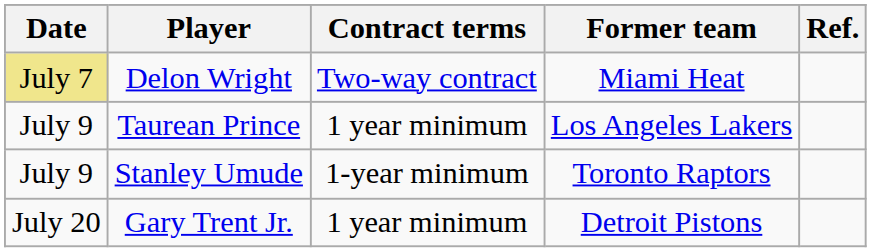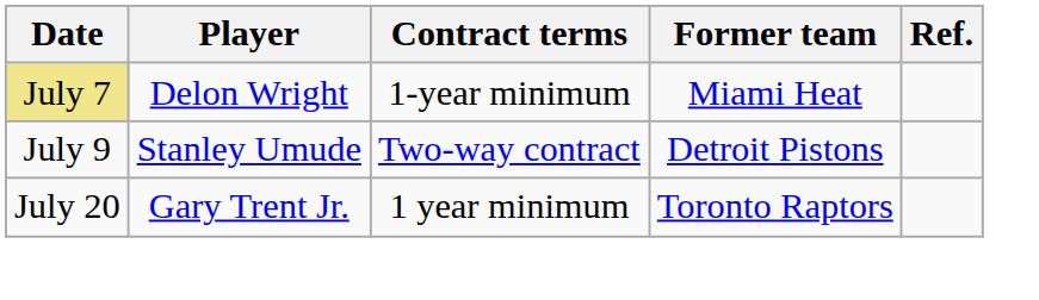 <table class="wikitable sortable sortable" style="text-align: center">
 <tr>
 <th>Date</th>
 <th>Player</th>
 <th>Contract terms</th>
 <th>Former team</th>
 <th>Ref.</th>
 </tr>
 <tr>
 <td style="background: khaki;">July 7</td>
 <td><a href='#'>Delon Wright</a></td>
-<td><a href='#'>Two-way contract</a></td>
+<td>1-year minimum</td>
 <td><a href='#'>Miami Heat</a></td>
 <td></td>
 </tr>
 <tr>
 <td>July 9</td>
-<td><a href='#'>Taurean Prince</a></td>
-<td>1 year minimum</td>
-<td><a href='#'>Los Angeles Lakers</a></td>
-<td></td>
-</tr>
-<tr>
-<td>July 9</td>
 <td><a href='#'>Stanley Umude</a></td>
-<td>1-year minimum</td>
-<td><a href='#'>Toronto Raptors</a></td>
+<td><a href='#'>Two-way contract</a></td>
+<td><a href='#'>Detroit Pistons</a></td>
 <td></td>
 </tr>
 <tr>
 <td>July 20</td>
 <td><a href='#'>Gary Trent Jr.</a></td>
 <td>1 year minimum</td>
-<td><a href='#'>Detroit Pistons</a></td>
+<td><a href='#'>Toronto Raptors</a></td>
 <td></td>
 </tr>
 </table>
